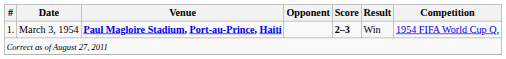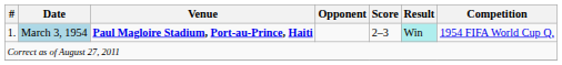 <table class="wikitable" style="font-size:95%;">
 <tr>
 <th>#</th>
 <th>Date</th>
 <th>Venue</th>
 <th>Opponent</th>
 <th>Score</th>
 <th>Result</th>
 <th>Competition</th>
 </tr>
 <tr>
 <td>1.</td>
-<td>March 3, 1954</td>
+<td style="background: lightblue;">March 3, 1954</td>
 <td><strong><a href='#'>Paul Magloire Stadium</a>, <a href='#'>Port-au-Prince</a>, <a href='#'>Haiti</a></strong></td>
 <td></td>
-<td><strong>2–3</strong></td>
-<td>Win</td>
+<td>2–3</td>
+<td style="background: paleturquoise;">Win</td>
 <td><a href='#'>1954 FIFA World Cup Q.</a></td>
 </tr>
 <tr>
 <td colspan="12"><small><em>Correct as of August 27, 2011</em></small></td>
 </tr>
 <tr>
 </tr>
 </table>
